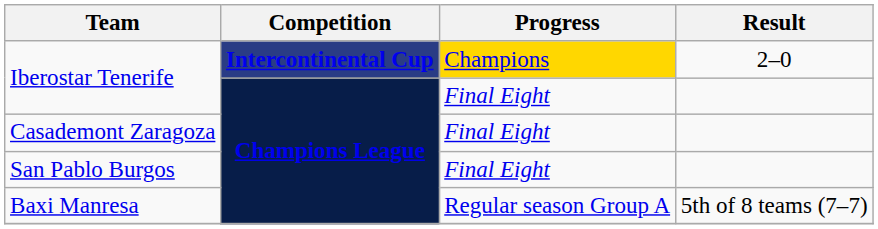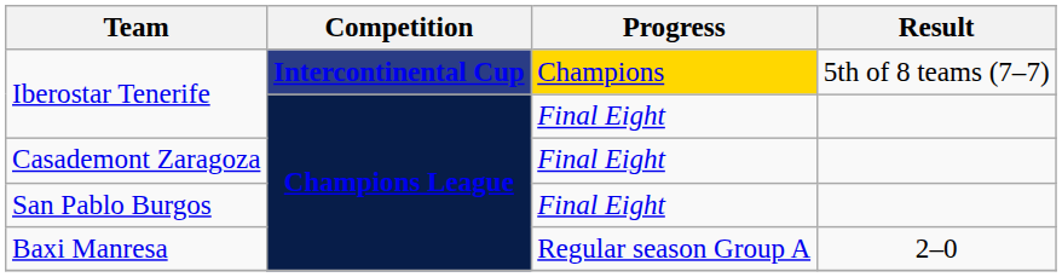 <table class="wikitable sortable">
 <tr>
 <th>Team</th>
 <th>Competition</th>
 <th>Progress</th>
 <th>Result</th>
 </tr>
 <tr>
 <td rowspan="2"><a href='#'>Iberostar Tenerife</a></td>
 <td style="background-color:#2A3C85;color:#FFFFFF;text-align:center"><strong><a href='#'><span>Intercontinental Cup</span></a></strong></td>
 <td bgcolor=#FFD700><a href='#'>Champions</a></td>
-<td style="text-align:center">2–0</td>
+<td style="text-align:center">5th of 8 teams (7–7)</td>
 </tr>
 <tr>
 <td rowspan="4" style="background-color:#071D49;color:#D0D3D4;text-align:center"><strong><a href='#'><span>Champions League</span></a></strong></td>
 <td><em><a href='#'>Final Eight</a></em></td>
 <td style="text-align:center"></td>
 </tr>
 <tr>
 <td><a href='#'>Casademont Zaragoza</a></td>
 <td><em><a href='#'>Final Eight</a></em></td>
 <td style="text-align:center"></td>
 </tr>
 <tr>
 <td><a href='#'>San Pablo Burgos</a></td>
 <td><em><a href='#'>Final Eight</a></em></td>
 <td style="text-align:center"></td>
 </tr>
 <tr>
 <td><a href='#'>Baxi Manresa</a></td>
 <td><a href='#'>Regular season Group A</a></td>
-<td style="text-align:center">5th of 8 teams (7–7)</td>
+<td style="text-align:center">2–0</td>
 </tr>
 <tr>
 </tr>
 </table>
